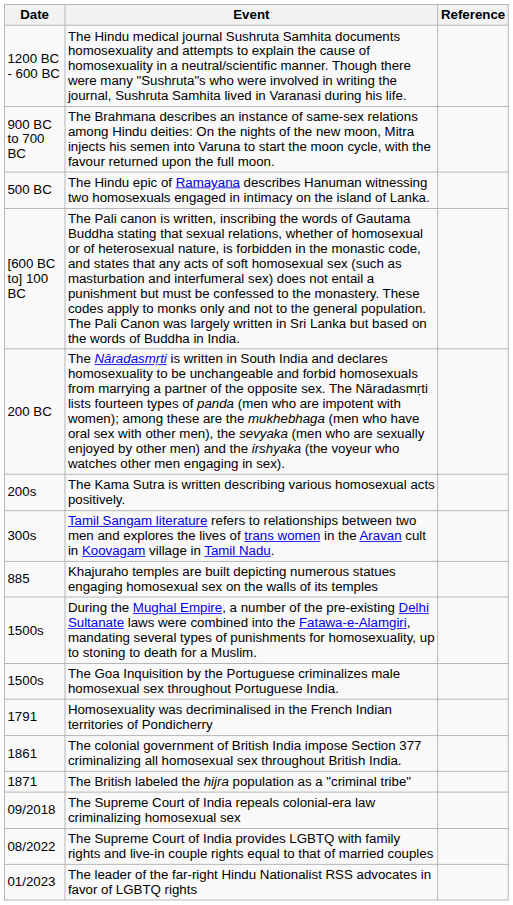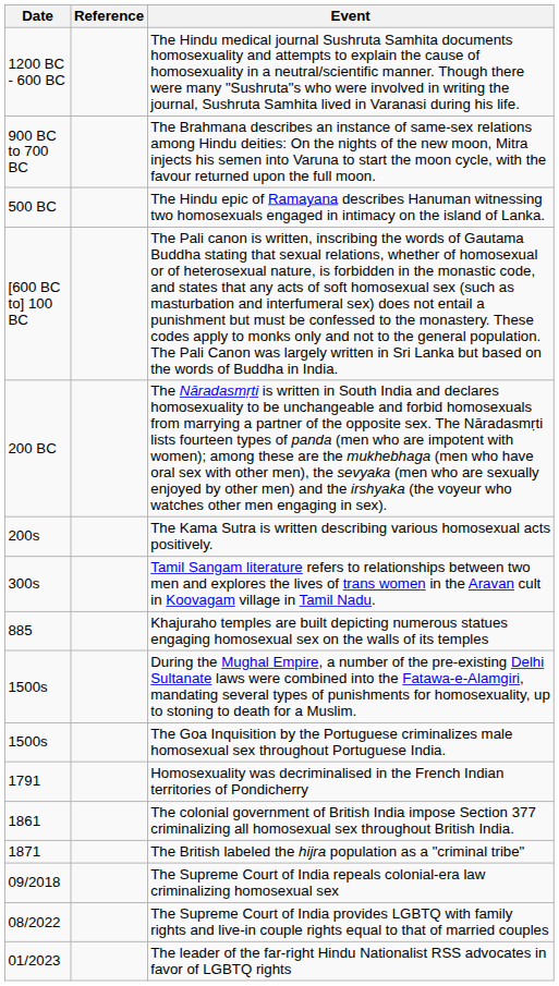 <table class="wikitable">
 <tr>
 <th>Date</th>
+<th>Reference</th>
 <th>Event</th>
-<th>Reference</th>
 </tr>
 <tr>
 <td>1200 BC - 600 BC</td>
+<td></td>
 <td>The Hindu medical journal Sushruta Samhita documents homosexuality and attempts to explain the cause of homosexuality in a neutral/scientific manner. Though there were many "Sushruta"s who were involved in writing the journal, Sushruta Samhita lived in Varanasi during his life.</td>
-<td></td>
 </tr>
 <tr>
 <td>900 BC to 700 BC</td>
+<td></td>
 <td>The Brahmana describes an instance of same-sex relations among Hindu deities: On the nights of the new moon, Mitra injects his semen into Varuna to start the moon cycle, with the favour returned upon the full moon.</td>
-<td></td>
 </tr>
 <tr>
 <td>500 BC</td>
+<td></td>
 <td>The Hindu epic of <a href='#'>Ramayana</a> describes Hanuman witnessing two homosexuals engaged in intimacy on the island of Lanka.</td>
-<td></td>
 </tr>
 <tr>
 <td>[600 BC to] 100 BC</td>
+<td></td>
 <td>The Pali canon is written, inscribing the words of Gautama Buddha stating that sexual relations, whether of homosexual or of heterosexual nature, is forbidden in the monastic code, and states that any acts of soft homosexual sex (such as masturbation and interfumeral sex) does not entail a punishment but must be confessed to the monastery. These codes apply to monks only and not to the general population. The Pali Canon was largely written in Sri Lanka but based on the words of Buddha in India.</td>
-<td></td>
 </tr>
 <tr>
 <td>200 BC</td>
+<td></td>
 <td>The <em><a href='#'>Nāradasmṛti</a></em> is written in South India and declares homosexuality to be unchangeable and forbid homosexuals from marrying a partner of the opposite sex. The Nāradasmṛti lists fourteen types of <em>panda</em> (men who are impotent with women); among these are the <em>mukhebhaga</em> (men who have oral sex with other men), the <em>sevyaka</em> (men who are sexually enjoyed by other men) and the <em>irshyaka</em> (the voyeur who watches other men engaging in sex).</td>
-<td></td>
 </tr>
 <tr>
 <td>200s</td>
+<td></td>
 <td>The Kama Sutra is written describing various homosexual acts positively.</td>
-<td></td>
 </tr>
 <tr>
 <td>300s</td>
+<td></td>
 <td><a href='#'>Tamil Sangam literature</a> refers to relationships between two men and explores the lives of <a href='#'>trans women</a> in the <a href='#'>Aravan</a> cult in <a href='#'>Koovagam</a> village in <a href='#'>Tamil Nadu</a>.</td>
-<td></td>
 </tr>
 <tr>
 <td>885</td>
+<td></td>
 <td>Khajuraho temples are built depicting numerous statues engaging homosexual sex on the walls of its temples</td>
-<td></td>
 </tr>
 <tr>
 <td>1500s</td>
+<td></td>
 <td>During the <a href='#'>Mughal Empire</a>, a number of the pre-existing <a href='#'>Delhi Sultanate</a> laws were combined into the <a href='#'>Fatawa-e-Alamgiri</a>, mandating several types of punishments for homosexuality, up to stoning to death for a Muslim.</td>
-<td></td>
 </tr>
 <tr>
 <td>1500s</td>
+<td></td>
 <td>The Goa Inquisition by the Portuguese criminalizes male homosexual sex throughout Portuguese India.</td>
-<td></td>
 </tr>
 <tr>
 <td>1791</td>
+<td></td>
 <td>Homosexuality was decriminalised in the French Indian territories of Pondicherry</td>
-<td></td>
 </tr>
 <tr>
 <td>1861</td>
+<td></td>
 <td>The colonial government of British India impose Section 377 criminalizing all homosexual sex throughout British India.</td>
-<td></td>
 </tr>
 <tr>
 <td>1871</td>
+<td></td>
 <td>The British labeled the <em>hijra</em> population as a "criminal tribe"</td>
-<td></td>
 </tr>
 <tr>
 <td>09/2018</td>
+<td></td>
 <td>The Supreme Court of India repeals colonial-era law criminalizing homosexual sex</td>
-<td></td>
 </tr>
 <tr>
 <td>08/2022</td>
+<td></td>
 <td>The Supreme Court of India provides LGBTQ with family rights and live-in couple rights equal to that of married couples</td>
-<td></td>
 </tr>
 <tr>
 <td>01/2023</td>
+<td></td>
 <td>The leader of the far-right Hindu Nationalist RSS advocates in favor of LGBTQ rights</td>
-<td></td>
 </tr>
 </table>
